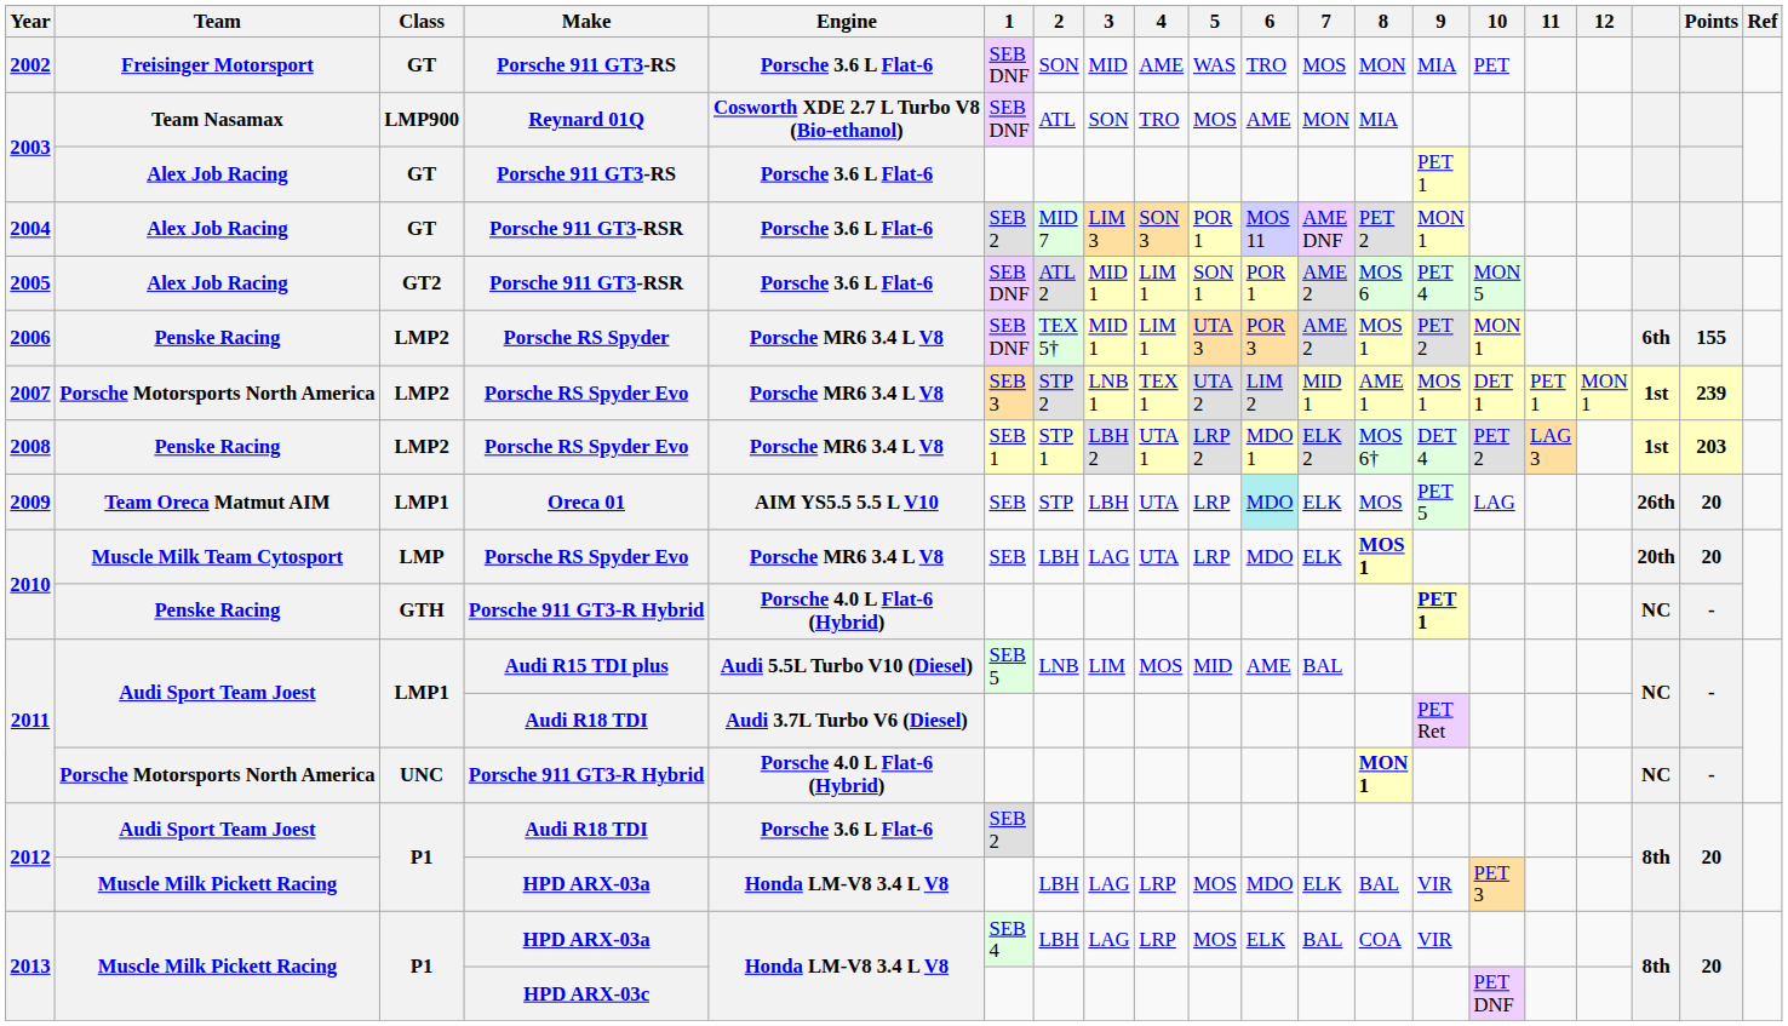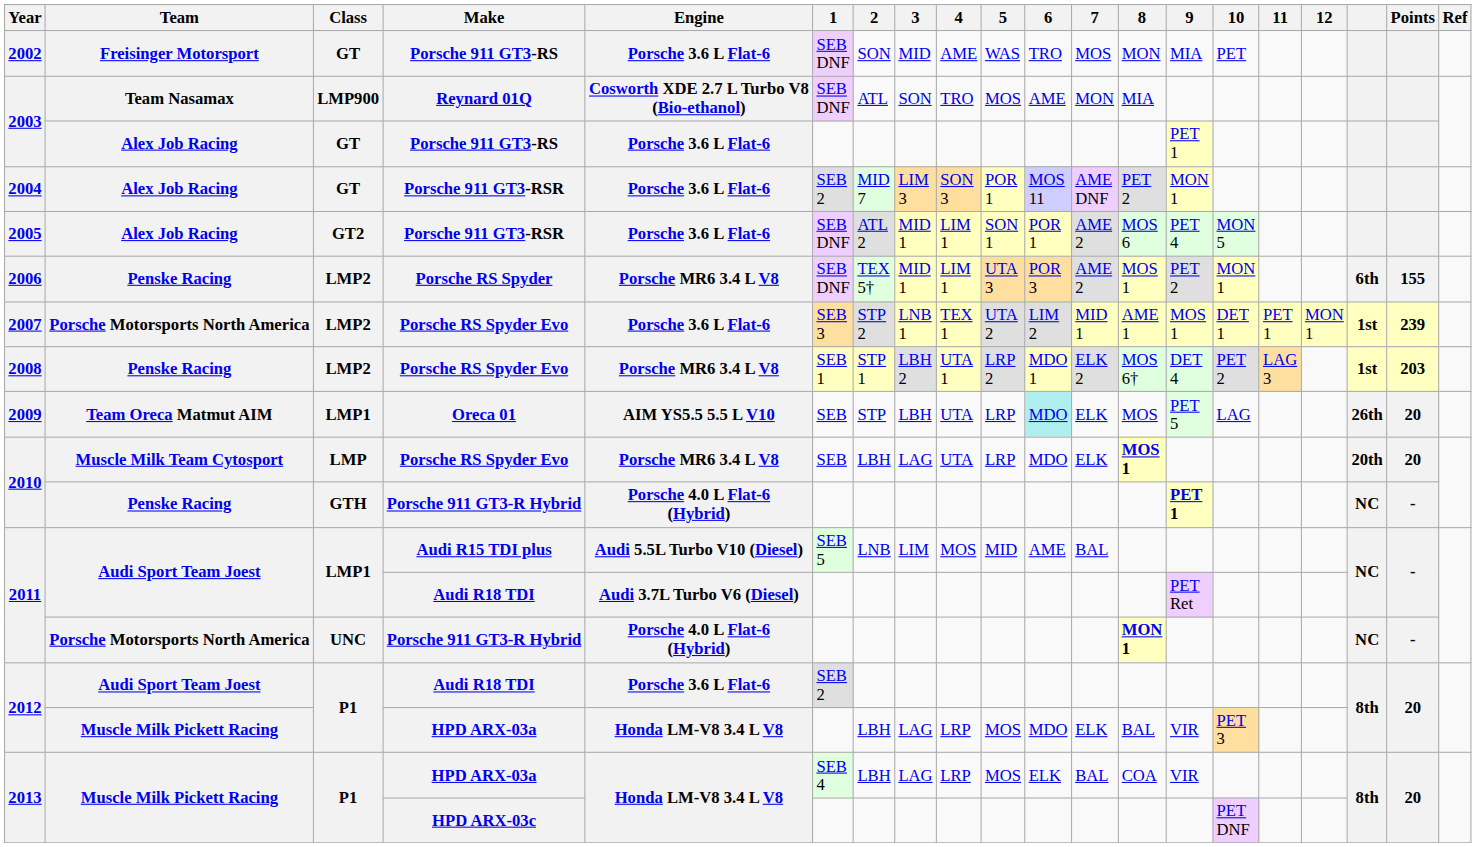 <table class="wikitable">
 <tr>
 <th>Year</th>
 <th>Team</th>
 <th>Class</th>
 <th>Make</th>
 <th>Engine</th>
 <th>1</th>
 <th>2</th>
 <th>3</th>
 <th>4</th>
 <th>5</th>
 <th>6</th>
 <th>7</th>
 <th>8</th>
 <th>9</th>
 <th>10</th>
 <th>11</th>
 <th>12</th>
 <th></th>
 <th>Points</th>
 <th>Ref</th>
 </tr>
 <tr>
 <th><a href='#'>2002</a></th>
 <th><a href='#'>Freisinger Motorsport</a></th>
 <th>GT</th>
 <th><a href='#'>Porsche 911 GT3</a>-RS</th>
 <th><a href='#'>Porsche</a> 3.6 L <a href='#'>Flat-6</a></th>
 <td style="background:#EFCFFF;"><a href='#'>SEB</a><br>DNF</td>
 <td><a href='#'>SON</a></td>
 <td><a href='#'>MID</a></td>
 <td><a href='#'>AME</a></td>
 <td><a href='#'>WAS</a></td>
 <td><a href='#'>TRO</a></td>
 <td><a href='#'>MOS</a></td>
 <td><a href='#'>MON</a></td>
 <td><a href='#'>MIA</a></td>
 <td><a href='#'>PET</a></td>
 <td></td>
 <td></td>
 <th></th>
 <th></th>
 <td></td>
 </tr>
 <tr>
 <th rowspan="2"><a href='#'>2003</a></th>
 <th>Team Nasamax</th>
 <th>LMP900</th>
 <th><a href='#'>Reynard 01Q</a></th>
 <th><a href='#'>Cosworth</a> XDE 2.7 L Turbo V8<br>(<a href='#'>Bio-ethanol</a>)</th>
 <td style="background:#EFCFFF;"><a href='#'>SEB</a><br>DNF</td>
 <td><a href='#'>ATL</a></td>
 <td><a href='#'>SON</a></td>
 <td><a href='#'>TRO</a></td>
 <td><a href='#'>MOS</a></td>
 <td><a href='#'>AME</a></td>
 <td><a href='#'>MON</a></td>
 <td><a href='#'>MIA</a></td>
 <td></td>
 <td></td>
 <td></td>
 <td></td>
 <th></th>
 <th></th>
 <td rowspan="2"></td>
 </tr>
 <tr>
 <th><a href='#'>Alex Job Racing</a></th>
 <th>GT</th>
 <th><a href='#'>Porsche 911 GT3</a>-RS</th>
 <th><a href='#'>Porsche</a> 3.6 L <a href='#'>Flat-6</a></th>
 <td></td>
 <td></td>
 <td></td>
 <td></td>
 <td></td>
 <td></td>
 <td></td>
 <td></td>
 <td style="background:#FFFFBF;”"><a href='#'>PET</a><br>1</td>
 <td></td>
 <td></td>
 <td></td>
 <th></th>
 <th></th>
 </tr>
 <tr>
 <th><a href='#'>2004</a></th>
 <th><a href='#'>Alex Job Racing</a></th>
 <th>GT</th>
 <th><a href='#'>Porsche 911 GT3</a>-RSR</th>
 <th><a href='#'>Porsche</a> 3.6 L <a href='#'>Flat-6</a></th>
 <td style="background:#DFDFDF;”"><a href='#'>SEB</a><br>2</td>
 <td style="background:#DFFFDF;"><a href='#'>MID</a><br>7</td>
 <td style="background:#FFDF9F;”"><a href='#'>LIM</a><br>3</td>
 <td style="background:#FFDF9F;”"><a href='#'>SON</a><br>3</td>
 <td style="background:#FFFFBF;”"><a href='#'>POR</a><br>1</td>
 <td style="background:#CFCFFF;”"><a href='#'>MOS</a><br>11</td>
 <td style="background:#EFCFFF;"><a href='#'>AME</a><br>DNF</td>
 <td style="background:#DFDFDF;”"><a href='#'>PET</a><br>2</td>
 <td style="background:#FFFFBF;”"><a href='#'>MON</a><br>1</td>
 <td></td>
 <td></td>
 <td></td>
 <th></th>
 <th></th>
 <td></td>
 </tr>
 <tr>
 <th><a href='#'>2005</a></th>
 <th><a href='#'>Alex Job Racing</a></th>
 <th>GT2</th>
 <th><a href='#'>Porsche 911 GT3</a>-RSR</th>
 <th><a href='#'>Porsche</a> 3.6 L <a href='#'>Flat-6</a></th>
 <td style="background:#EFCFFF;"><a href='#'>SEB</a><br>DNF</td>
 <td style="background:#DFDFDF;”"><a href='#'>ATL</a><br>2</td>
 <td style="background:#FFFFBF;”"><a href='#'>MID</a><br>1</td>
 <td style="background:#FFFFBF;”"><a href='#'>LIM</a><br>1</td>
 <td style="background:#FFFFBF;”"><a href='#'>SON</a><br>1</td>
 <td style="background:#FFFFBF;”"><a href='#'>POR</a><br>1</td>
 <td style="background:#DFDFDF;”"><a href='#'>AME</a><br>2</td>
 <td style="background:#DFFFDF;"><a href='#'>MOS</a><br>6</td>
 <td style="background:#DFFFDF;"><a href='#'>PET</a><br>4</td>
 <td style="background:#DFFFDF;"><a href='#'>MON</a><br>5</td>
 <td></td>
 <td></td>
 <th></th>
 <th></th>
 <td></td>
 </tr>
 <tr>
 <th><a href='#'>2006</a></th>
 <th><a href='#'>Penske Racing</a></th>
 <th>LMP2</th>
 <th><a href='#'>Porsche RS Spyder</a></th>
 <th><a href='#'>Porsche</a> MR6 3.4 L <a href='#'>V8</a></th>
 <td style="background:#EFCFFF;"><a href='#'>SEB</a><br>DNF</td>
 <td style="background:#DFFFDF;"><a href='#'>TEX</a><br>5†</td>
 <td style="background:#FFFFBF;”"><a href='#'>MID</a><br>1</td>
 <td style="background:#FFFFBF;”"><a href='#'>LIM</a><br>1</td>
 <td style="background:#FFDF9F;”"><a href='#'>UTA</a><br>3</td>
 <td style="background:#FFDF9F;”"><a href='#'>POR</a><br>3</td>
 <td style="background:#DFDFDF;”"><a href='#'>AME</a><br>2</td>
 <td style="background:#FFFFBF;”"><a href='#'>MOS</a><br>1</td>
 <td style="background:#DFDFDF;”"><a href='#'>PET</a><br>2</td>
 <td style="background:#FFFFBF;”"><a href='#'>MON</a><br>1</td>
 <td></td>
 <td></td>
 <th>6th</th>
 <th>155</th>
 <td></td>
 </tr>
 <tr>
 <th><a href='#'>2007</a></th>
 <th><a href='#'>Porsche</a> Motorsports North America</th>
 <th>LMP2</th>
 <th><a href='#'>Porsche RS Spyder Evo</a></th>
-<th><a href='#'>Porsche</a> MR6 3.4 L <a href='#'>V8</a></th>
+<th><a href='#'>Porsche</a> 3.6 L <a href='#'>Flat-6</a></th>
 <td style="background:#FFDF9F;”"><a href='#'>SEB</a><br>3</td>
 <td style="background:#DFDFDF;”"><a href='#'>STP</a><br>2</td>
 <td style="background:#FFFFBF;”"><a href='#'>LNB</a><br>1</td>
 <td style="background:#FFFFBF;”"><a href='#'>TEX</a><br>1</td>
 <td style="background:#DFDFDF;”"><a href='#'>UTA</a><br>2</td>
 <td style="background:#DFDFDF;”"><a href='#'>LIM</a><br>2</td>
 <td style="background:#FFFFBF;”"><a href='#'>MID</a><br>1</td>
 <td style="background:#FFFFBF;”"><a href='#'>AME</a><br>1</td>
 <td style="background:#FFFFBF;”"><a href='#'>MOS</a><br>1</td>
 <td style="background:#FFFFBF;”"><a href='#'>DET</a><br>1</td>
 <td style="background:#FFFFBF;”"><a href='#'>PET</a><br>1</td>
 <td style="background:#FFFFBF;”"><a href='#'>MON</a><br>1</td>
 <th style="background:#FFFFBF;”">1st</th>
 <th style="background:#FFFFBF;”">239</th>
 <td></td>
 </tr>
 <tr>
 <th><a href='#'>2008</a></th>
 <th><a href='#'>Penske Racing</a></th>
 <th>LMP2</th>
 <th><a href='#'>Porsche RS Spyder Evo</a></th>
 <th><a href='#'>Porsche</a> MR6 3.4 L <a href='#'>V8</a></th>
 <td style="background:#FFFFBF;”"><a href='#'>SEB</a><br>1</td>
 <td style="background:#FFFFBF;”"><a href='#'>STP</a><br>1</td>
 <td style="background:#DFDFDF;”"><a href='#'>LBH</a><br>2</td>
 <td style="background:#FFFFBF;”"><a href='#'>UTA</a><br>1</td>
 <td style="background:#DFDFDF;”"><a href='#'>LRP</a><br>2</td>
 <td style="background:#FFFFBF;”"><a href='#'>MDO</a><br>1</td>
 <td style="background:#DFDFDF;”"><a href='#'>ELK</a><br>2</td>
 <td style="background:#DFFFDF;"><a href='#'>MOS</a><br>6†</td>
 <td style="background:#DFFFDF;"><a href='#'>DET</a><br>4</td>
 <td style="background:#DFDFDF;”"><a href='#'>PET</a><br>2</td>
 <td style="background:#FFDF9F;”"><a href='#'>LAG</a><br>3</td>
 <td></td>
 <th style="background:#FFFFBF;”">1st</th>
 <th style="background:#FFFFBF;”">203</th>
 <td></td>
 </tr>
 <tr>
 <th><a href='#'>2009</a></th>
 <th><a href='#'>Team Oreca</a> Matmut AIM</th>
 <th>LMP1</th>
 <th><a href='#'>Oreca 01</a></th>
 <th>AIM YS5.5 5.5 L <a href='#'>V10</a></th>
 <td><a href='#'>SEB</a></td>
 <td><a href='#'>STP</a></td>
 <td><a href='#'>LBH</a></td>
 <td><a href='#'>UTA</a></td>
 <td><a href='#'>LRP</a></td>
 <td style="background: paleturquoise;"><a href='#'>MDO</a></td>
 <td><a href='#'>ELK</a></td>
 <td><a href='#'>MOS</a></td>
 <td style="background:#DFFFDF;"><a href='#'>PET</a><br>5</td>
 <td><a href='#'>LAG</a></td>
 <td></td>
 <td></td>
 <th>26th</th>
 <th>20</th>
 <td></td>
 </tr>
 <tr>
 <th rowspan="2"><a href='#'>2010</a></th>
 <th><a href='#'>Muscle Milk Team Cytosport</a></th>
 <th>LMP</th>
 <th><a href='#'>Porsche RS Spyder Evo</a></th>
 <th><a href='#'>Porsche</a> MR6 3.4 L <a href='#'>V8</a></th>
 <td><a href='#'>SEB</a></td>
 <td><a href='#'>LBH</a></td>
 <td><a href='#'>LAG</a></td>
 <td><a href='#'>UTA</a></td>
 <td><a href='#'>LRP</a></td>
 <td><a href='#'>MDO</a></td>
 <td><a href='#'>ELK</a></td>
 <td style="background:#FFFFBF;”"><a href='#'><strong>MOS</strong></a><br><strong>1</strong></td>
 <td></td>
 <td></td>
 <td></td>
 <td></td>
 <th>20th</th>
 <th>20</th>
 <td rowspan="2"></td>
 </tr>
 <tr>
 <th><a href='#'>Penske Racing</a></th>
 <th>GTH</th>
 <th><a href='#'>Porsche 911 GT3-R Hybrid</a></th>
 <th><a href='#'>Porsche</a> 4.0 L <a href='#'>Flat-6</a><br>(<a href='#'>Hybrid</a>)</th>
 <td></td>
 <td></td>
 <td></td>
 <td></td>
 <td></td>
 <td></td>
 <td></td>
 <td></td>
 <td style="background:#FFFFBF;”"><a href='#'><strong>PET</strong></a><br><strong>1</strong></td>
 <td></td>
 <td></td>
 <td></td>
 <th>NC</th>
 <th>-</th>
 </tr>
 <tr>
 <th rowspan="3"><a href='#'>2011</a></th>
 <th rowspan="2"><a href='#'>Audi Sport Team Joest</a></th>
 <th rowspan="2">LMP1</th>
 <th><a href='#'>Audi R15 TDI plus</a></th>
 <th><a href='#'>Audi</a> 5.5L Turbo V10 (<a href='#'>Diesel</a>)</th>
 <td style="background:#DFFFDF;"><a href='#'>SEB</a><br>5</td>
 <td><a href='#'>LNB</a></td>
 <td><a href='#'>LIM</a></td>
 <td><a href='#'>MOS</a></td>
 <td><a href='#'>MID</a></td>
 <td><a href='#'>AME</a></td>
 <td><a href='#'>BAL</a></td>
 <td></td>
 <td></td>
 <td></td>
 <td></td>
 <td></td>
 <th rowspan="2">NC</th>
 <th rowspan="2">-</th>
 <td rowspan="3"></td>
 </tr>
 <tr>
 <th><a href='#'>Audi R18 TDI</a></th>
 <th><a href='#'>Audi</a> 3.7L Turbo V6 (<a href='#'>Diesel</a>)</th>
 <td></td>
 <td></td>
 <td></td>
 <td></td>
 <td></td>
 <td></td>
 <td></td>
 <td></td>
 <td style="background:#EFCFFF;"><a href='#'>PET</a><br>Ret</td>
 <td></td>
 <td></td>
 <td></td>
 </tr>
 <tr>
 <th><a href='#'>Porsche</a> Motorsports North America</th>
 <th>UNC</th>
 <th><a href='#'>Porsche 911 GT3-R Hybrid</a></th>
 <th><a href='#'>Porsche</a> 4.0 L <a href='#'>Flat-6</a><br>(<a href='#'>Hybrid</a>)</th>
 <td></td>
 <td></td>
 <td></td>
 <td></td>
 <td></td>
 <td></td>
 <td></td>
 <td style="background:#FFFFBF;”"><strong><a href='#'>MON</a><br>1</strong></td>
 <td></td>
 <td></td>
 <td></td>
 <td></td>
 <th>NC</th>
 <th>-</th>
 </tr>
 <tr>
 <th rowspan="2"><a href='#'>2012</a></th>
 <th><a href='#'>Audi Sport Team Joest</a></th>
 <th rowspan="2">P1</th>
 <th><a href='#'>Audi R18 TDI</a></th>
 <th><a href='#'>Porsche</a> 3.6 L <a href='#'>Flat-6</a></th>
 <td style="background:#DFDFDF;”"><a href='#'>SEB</a><br>2</td>
 <td></td>
 <td></td>
 <td></td>
 <td></td>
 <td></td>
 <td></td>
 <td></td>
 <td></td>
 <td></td>
 <td></td>
 <td></td>
 <th rowspan="2">8th</th>
 <th rowspan="2">20</th>
 <td rowspan="2"></td>
 </tr>
 <tr>
 <th><a href='#'>Muscle Milk Pickett Racing</a></th>
 <th><a href='#'>HPD ARX-03a</a></th>
 <th><a href='#'>Honda</a> LM-V8 3.4 L <a href='#'>V8</a></th>
 <td></td>
 <td><a href='#'>LBH</a></td>
 <td><a href='#'>LAG</a></td>
 <td><a href='#'>LRP</a></td>
 <td><a href='#'>MOS</a></td>
 <td><a href='#'>MDO</a></td>
 <td><a href='#'>ELK</a></td>
 <td><a href='#'>BAL</a></td>
 <td><a href='#'>VIR</a></td>
 <td style="background:#FFDF9F;”"><a href='#'>PET</a><br>3</td>
 <td></td>
 <td></td>
 </tr>
 <tr>
 <th rowspan="2"><a href='#'>2013</a></th>
 <th rowspan="2"><a href='#'>Muscle Milk Pickett Racing</a></th>
 <th rowspan="2">P1</th>
 <th><a href='#'>HPD ARX-03a</a></th>
 <th rowspan="2"><a href='#'>Honda</a> LM-V8 3.4 L <a href='#'>V8</a></th>
 <td style="background:#DFFFDF;"><a href='#'>SEB</a><br>4</td>
 <td><a href='#'>LBH</a></td>
 <td><a href='#'>LAG</a></td>
 <td><a href='#'>LRP</a></td>
 <td><a href='#'>MOS</a></td>
 <td><a href='#'>ELK</a></td>
 <td><a href='#'>BAL</a></td>
 <td><a href='#'>COA</a></td>
 <td><a href='#'>VIR</a></td>
 <td></td>
 <td></td>
 <td></td>
 <th rowspan="2">8th</th>
 <th rowspan="2">20</th>
 <td rowspan="2"></td>
 </tr>
 <tr>
 <th><a href='#'>HPD ARX-03c</a></th>
 <td></td>
 <td></td>
 <td></td>
 <td></td>
 <td></td>
 <td></td>
 <td></td>
 <td></td>
 <td></td>
 <td style="background:#EFCFFF;"><a href='#'>PET</a><br>DNF</td>
 <td></td>
 <td></td>
 </tr>
 </table>
